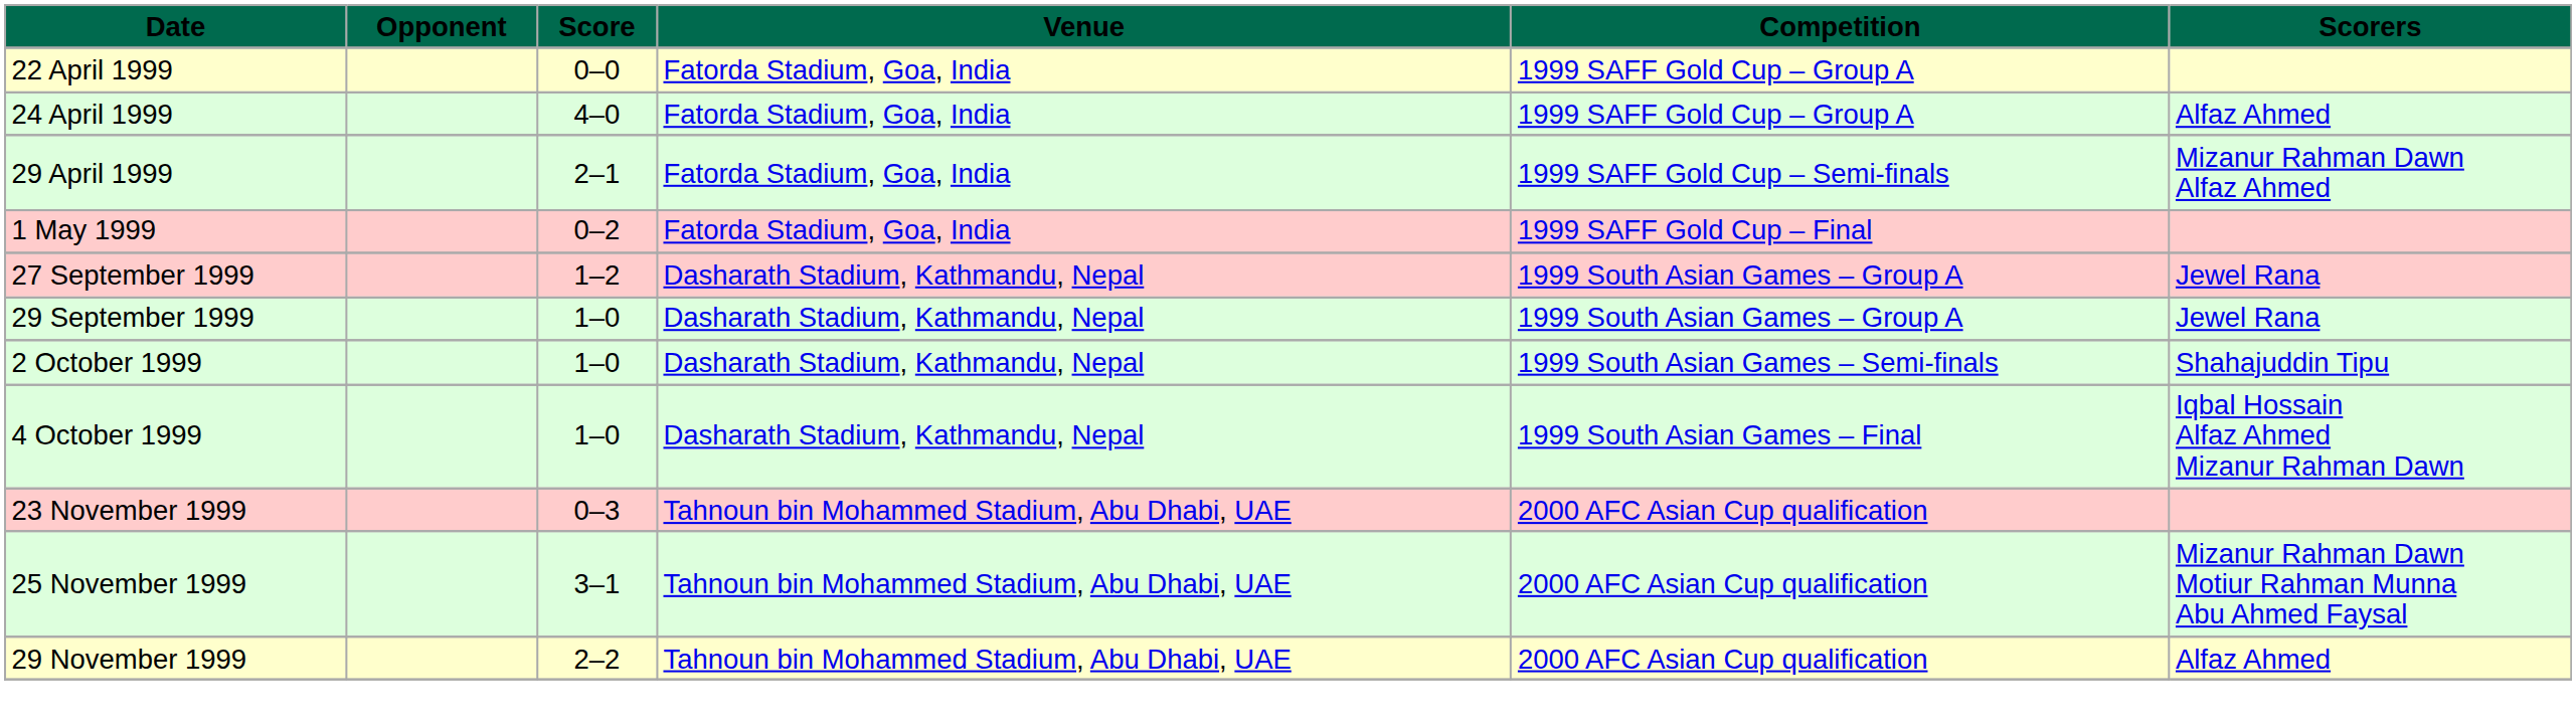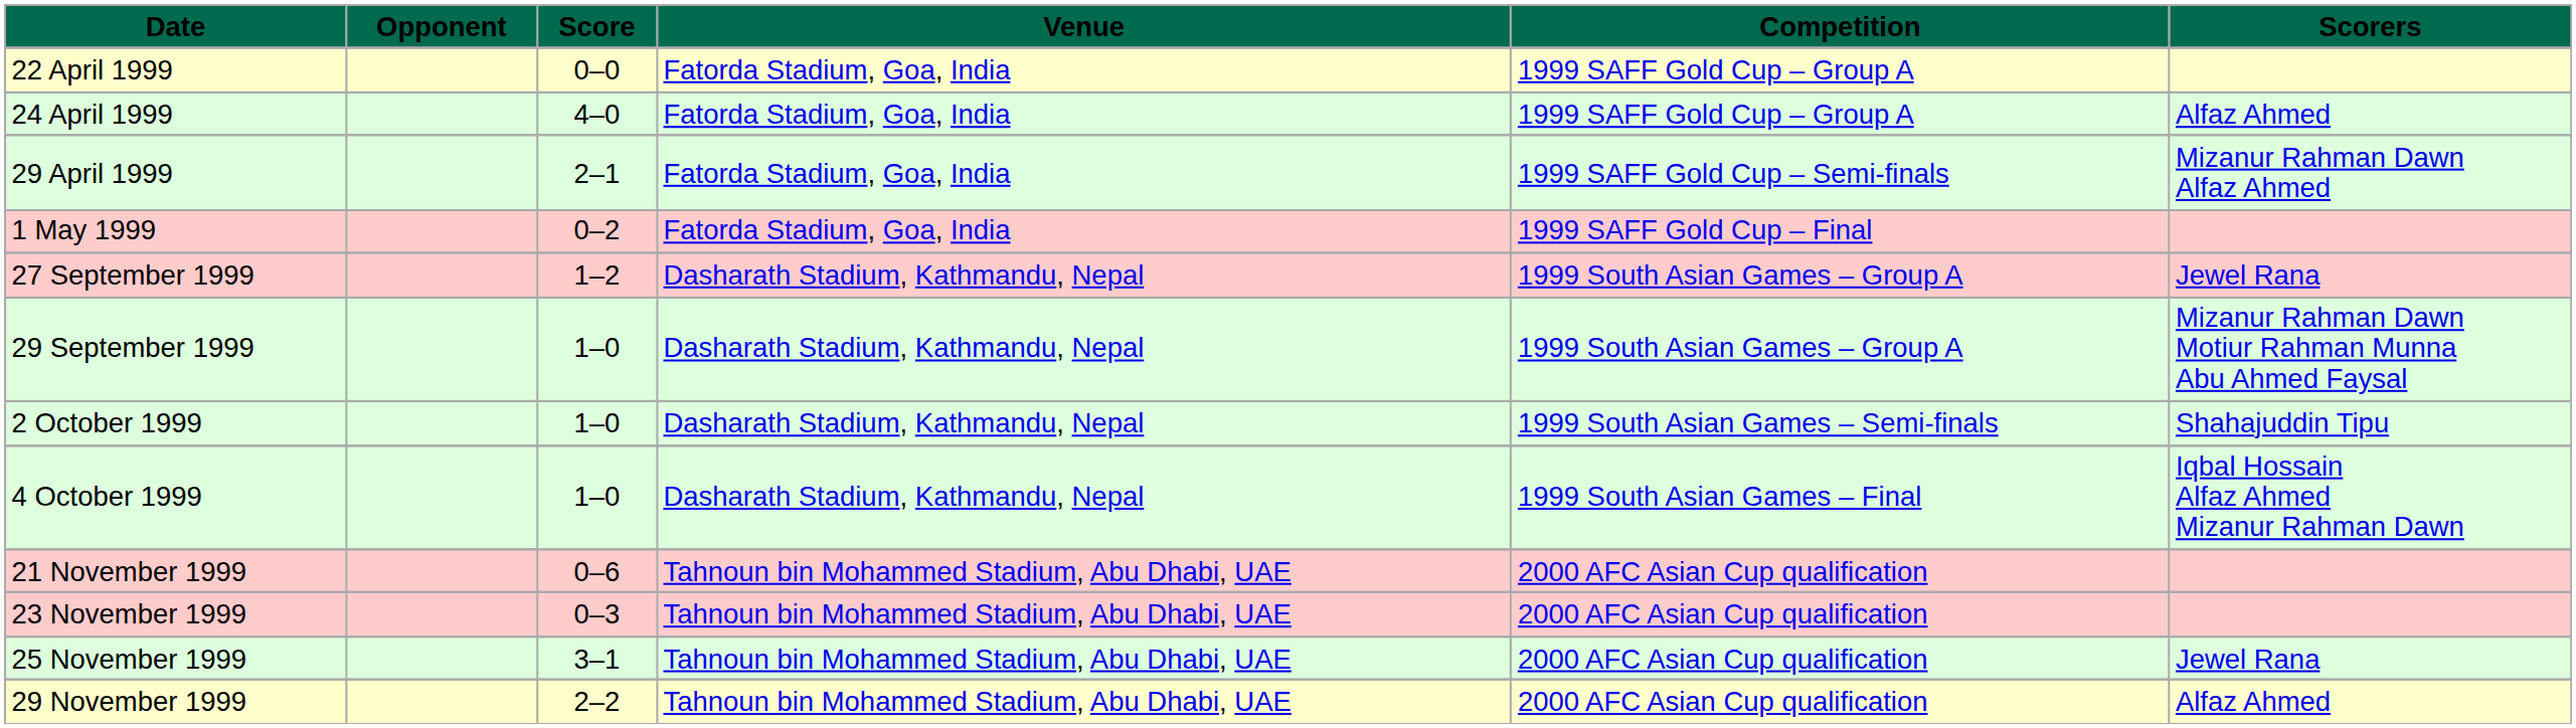 <table class="wikitable" width=100% style="text-align:left;font-size:85%;">
 <tr>
 <th style="background:#006a4e;"><span>Date</span></th>
 <th style="background:#006a4e;"><span>Opponent</span></th>
 <th style="background:#006a4e;"><span>Score</span></th>
 <th style="background:#006a4e;"><span>Venue</span></th>
 <th style="background:#006a4e;"><span>Competition</span></th>
 <th style="background:#006a4e;"><span>Scorers</span></th>
 </tr>
 <tr>
 </tr>
 <tr style="background:#ffc;">
 <td>22 April 1999</td>
 <td></td>
 <td style="text-align: center">0–0</td>
 <td> <a href='#'>Fatorda Stadium</a>, <a href='#'>Goa</a>, <a href='#'>India</a></td>
 <td><a href='#'>1999 SAFF Gold Cup – Group A</a></td>
 <td></td>
 </tr>
 <tr>
 </tr>
 <tr style="background:#dfd;">
 <td>24 April 1999</td>
 <td></td>
 <td style="text-align: center">4–0</td>
 <td> <a href='#'>Fatorda Stadium</a>, <a href='#'>Goa</a>, <a href='#'>India</a></td>
 <td><a href='#'>1999 SAFF Gold Cup – Group A</a></td>
 <td><a href='#'>Alfaz Ahmed</a> </td>
 </tr>
 <tr>
 </tr>
 <tr style="background:#dfd;">
 <td>29 April 1999</td>
 <td></td>
 <td style="text-align: center">2–1</td>
 <td> <a href='#'>Fatorda Stadium</a>, <a href='#'>Goa</a>, <a href='#'>India</a></td>
 <td><a href='#'>1999 SAFF Gold Cup – Semi-finals</a></td>
 <td><a href='#'>Mizanur Rahman Dawn</a>  <br> <a href='#'>Alfaz Ahmed</a> </td>
 </tr>
 <tr>
 </tr>
 <tr style="background:#fcc;">
 <td>1 May 1999</td>
 <td></td>
 <td style="text-align: center">0–2</td>
 <td> <a href='#'>Fatorda Stadium</a>, <a href='#'>Goa</a>, <a href='#'>India</a></td>
 <td><a href='#'>1999 SAFF Gold Cup – Final</a></td>
 <td></td>
 </tr>
 <tr>
 </tr>
 <tr style="background:#fcc;">
 <td>27 September 1999</td>
 <td></td>
 <td style="text-align: center">1–2</td>
 <td> <a href='#'>Dasharath Stadium</a>, <a href='#'>Kathmandu</a>, <a href='#'>Nepal</a></td>
 <td><a href='#'>1999 South Asian Games – Group A</a></td>
 <td><a href='#'>Jewel Rana</a> </td>
 </tr>
 <tr>
 </tr>
 <tr style="background:#dfd;">
 <td>29 September 1999</td>
 <td></td>
 <td style="text-align: center">1–0</td>
 <td> <a href='#'>Dasharath Stadium</a>, <a href='#'>Kathmandu</a>, <a href='#'>Nepal</a></td>
 <td><a href='#'>1999 South Asian Games – Group A</a></td>
-<td><a href='#'>Jewel Rana</a> </td>
+<td><a href='#'>Mizanur Rahman Dawn</a>  <br> <a href='#'>Motiur Rahman Munna</a>  <br> <a href='#'>Abu Ahmed Faysal</a> </td>
 </tr>
 <tr>
 </tr>
 <tr style="background:#dfd;">
 <td>2 October 1999</td>
 <td></td>
 <td style="text-align: center">1–0</td>
 <td> <a href='#'>Dasharath Stadium</a>, <a href='#'>Kathmandu</a>, <a href='#'>Nepal</a></td>
 <td><a href='#'>1999 South Asian Games – Semi-finals</a></td>
 <td><a href='#'>Shahajuddin Tipu</a> </td>
 </tr>
 <tr>
 </tr>
 <tr style="background:#dfd;">
 <td>4 October 1999</td>
 <td></td>
 <td style="text-align: center">1–0</td>
 <td> <a href='#'>Dasharath Stadium</a>, <a href='#'>Kathmandu</a>, <a href='#'>Nepal</a></td>
 <td><a href='#'>1999 South Asian Games – Final</a></td>
 <td><a href='#'>Iqbal Hossain</a>  <br> <a href='#'>Alfaz Ahmed</a>  <br> <a href='#'>Mizanur Rahman Dawn</a> </td>
 </tr>
 <tr>
 </tr>
+<tr style="background:#fcc;">
+<td>21 November 1999</td>
+<td></td>
+<td style="text-align: center">0–6</td>
+<td> <a href='#'>Tahnoun bin Mohammed Stadium</a>, <a href='#'>Abu Dhabi</a>, <a href='#'>UAE</a></td>
+<td><a href='#'>2000 AFC Asian Cup qualification</a></td>
+<td></td>
+</tr>
 <tr>
 </tr>
 <tr style="background:#fcc;">
 <td>23 November 1999</td>
 <td></td>
 <td style="text-align: center">0–3</td>
 <td> <a href='#'>Tahnoun bin Mohammed Stadium</a>, <a href='#'>Abu Dhabi</a>, <a href='#'>UAE</a></td>
 <td><a href='#'>2000 AFC Asian Cup qualification</a></td>
 <td></td>
 </tr>
 <tr>
 </tr>
 <tr style="background:#dfd;">
 <td>25 November 1999</td>
 <td></td>
 <td style="text-align: center">3–1</td>
 <td> <a href='#'>Tahnoun bin Mohammed Stadium</a>, <a href='#'>Abu Dhabi</a>, <a href='#'>UAE</a></td>
 <td><a href='#'>2000 AFC Asian Cup qualification</a></td>
-<td><a href='#'>Mizanur Rahman Dawn</a>  <br> <a href='#'>Motiur Rahman Munna</a>  <br> <a href='#'>Abu Ahmed Faysal</a> </td>
+<td><a href='#'>Jewel Rana</a> </td>
 </tr>
 <tr>
 </tr>
 <tr style="background:#ffc;">
 <td>29 November 1999</td>
 <td></td>
 <td style="text-align: center">2–2</td>
 <td> <a href='#'>Tahnoun bin Mohammed Stadium</a>, <a href='#'>Abu Dhabi</a>, <a href='#'>UAE</a></td>
 <td><a href='#'>2000 AFC Asian Cup qualification</a></td>
 <td><a href='#'>Alfaz Ahmed</a> </td>
 </tr>
 <tr>
 </tr>
 </table>
